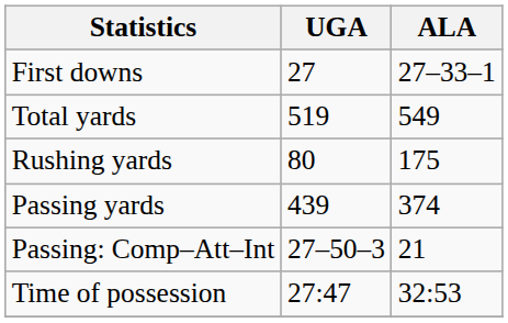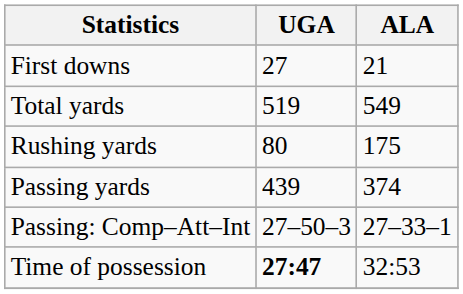 <table class="wikitable" style="float: left;">
 <tr>
 <th>Statistics</th>
 <th>UGA</th>
 <th>ALA</th>
 </tr>
 <tr>
 <td>First downs</td>
 <td>27</td>
-<td>27–33–1</td>
+<td>21</td>
 </tr>
 <tr>
 <td>Total yards</td>
 <td>519</td>
 <td>549</td>
 </tr>
 <tr>
 <td>Rushing yards</td>
 <td>80</td>
 <td>175</td>
 </tr>
 <tr>
 <td>Passing yards</td>
 <td>439</td>
 <td>374</td>
 </tr>
 <tr>
 <td>Passing: Comp–Att–Int</td>
 <td>27–50–3</td>
-<td>21</td>
+<td>27–33–1</td>
 </tr>
 <tr>
 <td>Time of possession</td>
-<td>27:47</td>
+<td><strong>27:47</strong></td>
 <td>32:53</td>
 </tr>
 <tr>
 </tr>
 </table>
